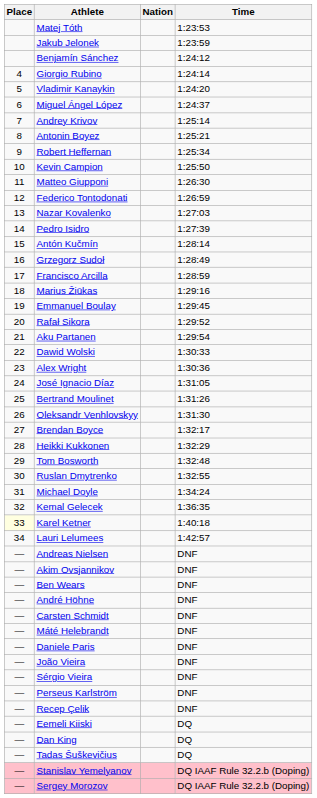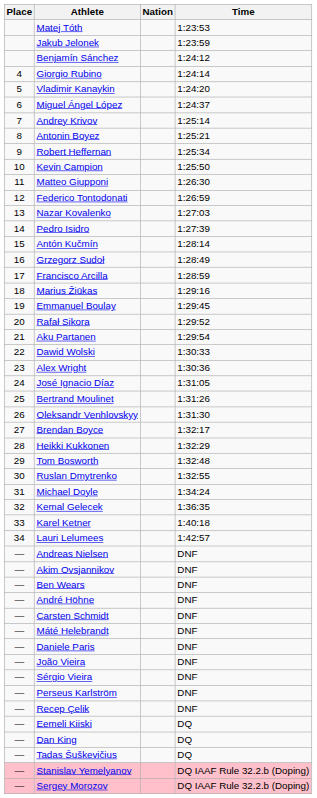 <table class="wikitable sortable">
 <tr>
 <th>Place</th>
 <th>Athlete</th>
 <th>Nation</th>
 <th>Time</th>
 </tr>
 <tr>
 <td align=center></td>
 <td><a href='#'>Matej Tóth</a></td>
 <td></td>
 <td>1:23:53</td>
 </tr>
 <tr>
 <td align=center></td>
 <td><a href='#'>Jakub Jelonek</a></td>
 <td></td>
 <td>1:23:59</td>
 </tr>
 <tr>
 <td align=center></td>
 <td><a href='#'>Benjamín Sánchez</a></td>
 <td></td>
 <td>1:24:12</td>
 </tr>
 <tr>
 <td align=center>4</td>
 <td><a href='#'>Giorgio Rubino</a></td>
 <td></td>
 <td>1:24:14</td>
 </tr>
 <tr>
 <td align=center>5</td>
 <td><a href='#'>Vladimir Kanaykin</a></td>
 <td></td>
 <td>1:24:20</td>
 </tr>
 <tr>
 <td align=center>6</td>
 <td><a href='#'>Miguel Ángel López</a></td>
 <td></td>
 <td>1:24:37</td>
 </tr>
 <tr>
 <td align=center>7</td>
 <td><a href='#'>Andrey Krivov</a></td>
 <td></td>
 <td>1:25:14</td>
 </tr>
 <tr>
 <td align=center>8</td>
 <td><a href='#'>Antonin Boyez</a></td>
 <td></td>
 <td>1:25:21</td>
 </tr>
 <tr>
 <td align=center>9</td>
 <td><a href='#'>Robert Heffernan</a></td>
 <td></td>
 <td>1:25:34</td>
 </tr>
 <tr>
 <td align=center>10</td>
 <td><a href='#'>Kevin Campion</a></td>
 <td></td>
 <td>1:25:50</td>
 </tr>
 <tr>
 <td align=center>11</td>
 <td><a href='#'>Matteo Giupponi</a></td>
 <td></td>
 <td>1:26:30</td>
 </tr>
 <tr>
 <td align=center>12</td>
 <td><a href='#'>Federico Tontodonati</a></td>
 <td></td>
 <td>1:26:59</td>
 </tr>
 <tr>
 <td align=center>13</td>
 <td><a href='#'>Nazar Kovalenko</a></td>
 <td></td>
 <td>1:27:03</td>
 </tr>
 <tr>
 <td align=center>14</td>
 <td><a href='#'>Pedro Isidro</a></td>
 <td></td>
 <td>1:27:39</td>
 </tr>
 <tr>
 <td align=center>15</td>
 <td><a href='#'>Antón Kučmín</a></td>
 <td></td>
 <td>1:28:14</td>
 </tr>
 <tr>
 <td align=center>16</td>
 <td><a href='#'>Grzegorz Sudoł</a></td>
 <td></td>
 <td>1:28:49</td>
 </tr>
 <tr>
 <td align=center>17</td>
 <td><a href='#'>Francisco Arcilla</a></td>
 <td></td>
 <td>1:28:59</td>
 </tr>
 <tr>
 <td align=center>18</td>
 <td><a href='#'>Marius Žiūkas</a></td>
 <td></td>
 <td>1:29:16</td>
 </tr>
 <tr>
 <td align=center>19</td>
 <td><a href='#'>Emmanuel Boulay</a></td>
 <td></td>
 <td>1:29:45</td>
 </tr>
 <tr>
 <td align=center>20</td>
 <td><a href='#'>Rafał Sikora</a></td>
 <td></td>
 <td>1:29:52</td>
 </tr>
 <tr>
 <td align=center>21</td>
 <td><a href='#'>Aku Partanen</a></td>
 <td></td>
 <td>1:29:54</td>
 </tr>
 <tr>
 <td align=center>22</td>
 <td><a href='#'>Dawid Wolski</a></td>
 <td></td>
 <td>1:30:33</td>
 </tr>
 <tr>
 <td align=center>23</td>
 <td><a href='#'>Alex Wright</a></td>
 <td></td>
 <td>1:30:36</td>
 </tr>
 <tr>
 <td align=center>24</td>
 <td><a href='#'>José Ignacio Díaz</a></td>
 <td></td>
 <td>1:31:05</td>
 </tr>
 <tr>
 <td align=center>25</td>
 <td><a href='#'>Bertrand Moulinet</a></td>
 <td></td>
 <td>1:31:26</td>
 </tr>
 <tr>
 <td align=center>26</td>
 <td><a href='#'>Oleksandr Venhlovskyy</a></td>
 <td></td>
 <td>1:31:30</td>
 </tr>
 <tr>
 <td align=center>27</td>
 <td><a href='#'>Brendan Boyce</a></td>
 <td></td>
 <td>1:32:17</td>
 </tr>
 <tr>
 <td align=center>28</td>
 <td><a href='#'>Heikki Kukkonen</a></td>
 <td></td>
 <td>1:32:29</td>
 </tr>
 <tr>
 <td align=center>29</td>
 <td><a href='#'>Tom Bosworth</a></td>
 <td></td>
 <td>1:32:48</td>
 </tr>
 <tr>
 <td align=center>30</td>
 <td><a href='#'>Ruslan Dmytrenko</a></td>
 <td></td>
 <td>1:32:55</td>
 </tr>
 <tr>
 <td align=center>31</td>
 <td><a href='#'>Michael Doyle</a></td>
 <td></td>
 <td>1:34:24</td>
 </tr>
 <tr>
 <td align=center>32</td>
 <td><a href='#'>Kemal Gelecek</a></td>
 <td></td>
 <td>1:36:35</td>
 </tr>
 <tr>
-<td align=center style="background: lightyellow;">33</td>
+<td align=center>33</td>
 <td><a href='#'>Karel Ketner</a></td>
 <td></td>
 <td>1:40:18</td>
 </tr>
 <tr>
 <td align=center>34</td>
 <td><a href='#'>Lauri Lelumees</a></td>
 <td></td>
 <td>1:42:57</td>
 </tr>
 <tr>
 <td align=center>—</td>
 <td><a href='#'>Andreas Nielsen</a></td>
 <td></td>
 <td>DNF</td>
 </tr>
 <tr>
 <td align=center>—</td>
 <td><a href='#'>Akim Ovsjannikov</a></td>
 <td></td>
 <td>DNF</td>
 </tr>
 <tr>
 <td align=center>—</td>
 <td><a href='#'>Ben Wears</a></td>
 <td></td>
 <td>DNF</td>
 </tr>
 <tr>
 <td align=center>—</td>
 <td><a href='#'>André Höhne</a></td>
 <td></td>
 <td>DNF</td>
 </tr>
 <tr>
 <td align=center>—</td>
 <td><a href='#'>Carsten Schmidt</a></td>
 <td></td>
 <td>DNF</td>
 </tr>
 <tr>
 <td align=center>—</td>
 <td><a href='#'>Máté Helebrandt</a></td>
 <td></td>
 <td>DNF</td>
 </tr>
 <tr>
 <td align=center>—</td>
 <td><a href='#'>Daniele Paris</a></td>
 <td></td>
 <td>DNF</td>
 </tr>
 <tr>
 <td align=center>—</td>
 <td><a href='#'>João Vieira</a></td>
 <td></td>
 <td>DNF</td>
 </tr>
 <tr>
 <td align=center>—</td>
 <td><a href='#'>Sérgio Vieira</a></td>
 <td></td>
 <td>DNF</td>
 </tr>
 <tr>
 <td align=center>—</td>
 <td><a href='#'>Perseus Karlström</a></td>
 <td></td>
 <td>DNF</td>
 </tr>
 <tr>
 <td align=center>—</td>
 <td><a href='#'>Recep Çelik</a></td>
 <td></td>
 <td>DNF</td>
 </tr>
 <tr>
 <td align=center>—</td>
 <td><a href='#'>Eemeli Kiiski</a></td>
 <td></td>
 <td>DQ</td>
 </tr>
 <tr>
 <td align=center>—</td>
 <td><a href='#'>Dan King</a></td>
 <td></td>
 <td>DQ</td>
 </tr>
 <tr>
 <td align=center>—</td>
 <td><a href='#'>Tadas Šuškevičius</a></td>
 <td></td>
 <td>DQ</td>
 </tr>
 <tr bgcolor=pink>
 <td align=center>—</td>
 <td><a href='#'>Stanislav Yemelyanov</a></td>
 <td></td>
 <td>DQ IAAF Rule 32.2.b (Doping)</td>
 </tr>
 <tr bgcolor=pink>
 <td align=center>—</td>
 <td><a href='#'>Sergey Morozov</a></td>
 <td></td>
 <td>DQ IAAF Rule 32.2.b (Doping)</td>
 </tr>
 </table>
